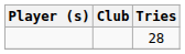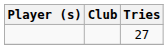 <table class="wikitable" style="text-align:center">
 <tr>
 <th>Player (s)</th>
 <th>Club</th>
 <th>Tries</th>
 </tr>
 <tr>
 <td style="text-align:left"></td>
 <td style="text-align:left"></td>
-<td>28</td>
+<td>27</td>
 </tr>
 <tr>
 </tr>
 </table>
